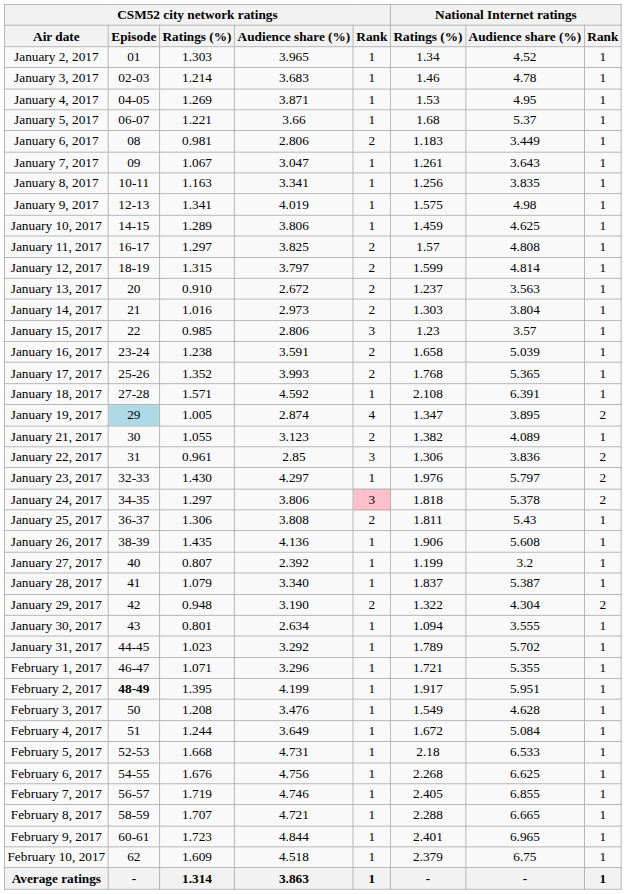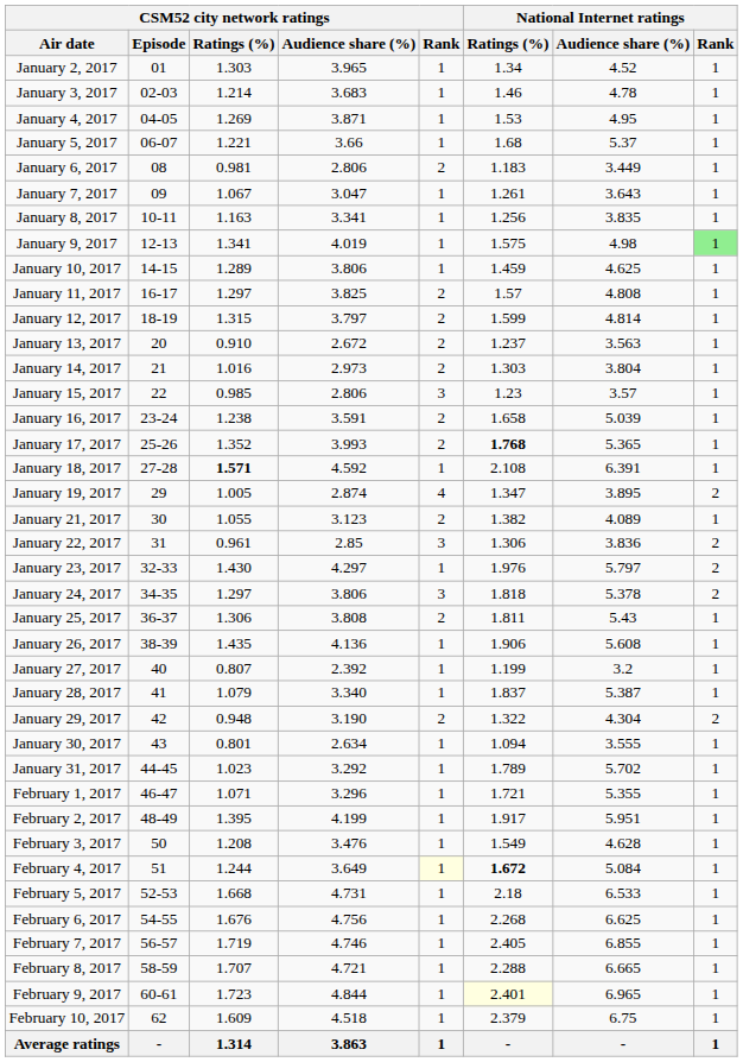 <table class="wikitable sortable mw-collapsible jquery-tablesorter" style="text-align:center">
 <tr>
 <th colspan="5">CSM52 city network ratings</th>
 <th colspan="3">National Internet ratings</th>
 </tr>
 <tr>
 <th>Air date</th>
 <th>Episode</th>
 <th>Ratings (%)</th>
 <th>Audience share (%)</th>
 <th>Rank</th>
 <th>Ratings (%)</th>
 <th>Audience share (%)</th>
 <th>Rank</th>
 </tr>
 <tr>
 <td>January 2, 2017</td>
 <td>01</td>
 <td>1.303</td>
 <td>3.965</td>
 <td>1</td>
 <td>1.34</td>
 <td>4.52</td>
 <td>1</td>
 </tr>
 <tr>
 <td>January 3, 2017</td>
 <td>02-03</td>
 <td>1.214</td>
 <td>3.683</td>
 <td>1</td>
 <td>1.46</td>
 <td>4.78</td>
 <td>1</td>
 </tr>
 <tr>
 <td>January 4, 2017</td>
 <td>04-05</td>
 <td>1.269</td>
 <td>3.871</td>
 <td>1</td>
 <td>1.53</td>
 <td>4.95</td>
 <td>1</td>
 </tr>
 <tr>
 <td>January 5, 2017</td>
 <td>06-07</td>
 <td>1.221</td>
 <td>3.66</td>
 <td>1</td>
 <td>1.68</td>
 <td>5.37</td>
 <td>1</td>
 </tr>
 <tr>
 <td>January 6, 2017</td>
 <td>08</td>
 <td>0.981</td>
 <td>2.806</td>
 <td>2</td>
 <td>1.183</td>
 <td>3.449</td>
 <td>1</td>
 </tr>
 <tr>
 <td>January 7, 2017</td>
 <td>09</td>
 <td>1.067</td>
 <td>3.047</td>
 <td>1</td>
 <td>1.261</td>
 <td>3.643</td>
 <td>1</td>
 </tr>
 <tr>
 <td>January 8, 2017</td>
 <td>10-11</td>
 <td>1.163</td>
 <td>3.341</td>
 <td>1</td>
 <td>1.256</td>
 <td>3.835</td>
 <td>1</td>
 </tr>
 <tr>
 <td>January 9, 2017</td>
 <td>12-13</td>
 <td>1.341</td>
 <td>4.019</td>
 <td>1</td>
 <td>1.575</td>
 <td>4.98</td>
-<td>1</td>
+<td style="background: lightgreen;">1</td>
 </tr>
 <tr>
 <td>January 10, 2017</td>
 <td>14-15</td>
 <td>1.289</td>
 <td>3.806</td>
 <td>1</td>
 <td>1.459</td>
 <td>4.625</td>
 <td>1</td>
 </tr>
 <tr>
 <td>January 11, 2017</td>
 <td>16-17</td>
 <td>1.297</td>
 <td>3.825</td>
 <td>2</td>
 <td>1.57</td>
 <td>4.808</td>
 <td>1</td>
 </tr>
 <tr>
 <td>January 12, 2017</td>
 <td>18-19</td>
 <td>1.315</td>
 <td>3.797</td>
 <td>2</td>
 <td>1.599</td>
 <td>4.814</td>
 <td>1</td>
 </tr>
 <tr>
 <td>January 13, 2017</td>
 <td>20</td>
 <td>0.910</td>
 <td>2.672</td>
 <td>2</td>
 <td>1.237</td>
 <td>3.563</td>
 <td>1</td>
 </tr>
 <tr>
 <td>January 14, 2017</td>
 <td>21</td>
 <td>1.016</td>
 <td>2.973</td>
 <td>2</td>
 <td>1.303</td>
 <td>3.804</td>
 <td>1</td>
 </tr>
 <tr>
 <td>January 15, 2017</td>
 <td>22</td>
 <td>0.985</td>
 <td>2.806</td>
 <td>3</td>
 <td>1.23</td>
 <td>3.57</td>
 <td>1</td>
 </tr>
 <tr>
 <td>January 16, 2017</td>
 <td>23-24</td>
 <td>1.238</td>
 <td>3.591</td>
 <td>2</td>
 <td>1.658</td>
 <td>5.039</td>
 <td>1</td>
 </tr>
 <tr>
 <td>January 17, 2017</td>
 <td>25-26</td>
 <td>1.352</td>
 <td>3.993</td>
 <td>2</td>
-<td>1.768</td>
+<td><strong>1.768</strong></td>
 <td>5.365</td>
 <td>1</td>
 </tr>
 <tr>
 <td>January 18, 2017</td>
 <td>27-28</td>
-<td>1.571</td>
+<td><strong>1.571</strong></td>
 <td>4.592</td>
 <td>1</td>
 <td>2.108</td>
 <td>6.391</td>
 <td>1</td>
 </tr>
 <tr>
 <td>January 19, 2017</td>
-<td style="background: lightblue;">29</td>
+<td>29</td>
 <td>1.005</td>
 <td>2.874</td>
 <td>4</td>
 <td>1.347</td>
 <td>3.895</td>
 <td>2</td>
 </tr>
 <tr>
 <td>January 21, 2017</td>
 <td>30</td>
 <td>1.055</td>
 <td>3.123</td>
 <td>2</td>
 <td>1.382</td>
 <td>4.089</td>
 <td>1</td>
 </tr>
 <tr>
 <td>January 22, 2017</td>
 <td>31</td>
 <td>0.961</td>
 <td>2.85</td>
 <td>3</td>
 <td>1.306</td>
 <td>3.836</td>
 <td>2</td>
 </tr>
 <tr>
 <td>January 23, 2017</td>
 <td>32-33</td>
 <td>1.430</td>
 <td>4.297</td>
 <td>1</td>
 <td>1.976</td>
 <td>5.797</td>
 <td>2</td>
 </tr>
 <tr>
 <td>January 24, 2017</td>
 <td>34-35</td>
 <td>1.297</td>
 <td>3.806</td>
-<td style="background: pink;">3</td>
+<td>3</td>
 <td>1.818</td>
 <td>5.378</td>
 <td>2</td>
 </tr>
 <tr>
 <td>January 25, 2017</td>
 <td>36-37</td>
 <td>1.306</td>
 <td>3.808</td>
 <td>2</td>
 <td>1.811</td>
 <td>5.43</td>
 <td>1</td>
 </tr>
 <tr>
 <td>January 26, 2017</td>
 <td>38-39</td>
 <td>1.435</td>
 <td>4.136</td>
 <td>1</td>
 <td>1.906</td>
 <td>5.608</td>
 <td>1</td>
 </tr>
 <tr>
 <td>January 27, 2017</td>
 <td>40</td>
 <td>0.807</td>
 <td>2.392</td>
 <td>1</td>
 <td>1.199</td>
 <td>3.2</td>
 <td>1</td>
 </tr>
 <tr>
 <td>January 28, 2017</td>
 <td>41</td>
 <td>1.079</td>
 <td>3.340</td>
 <td>1</td>
 <td>1.837</td>
 <td>5.387</td>
 <td>1</td>
 </tr>
 <tr>
 <td>January 29, 2017</td>
 <td>42</td>
 <td>0.948</td>
 <td>3.190</td>
 <td>2</td>
 <td>1.322</td>
 <td>4.304</td>
 <td>2</td>
 </tr>
 <tr>
 <td>January 30, 2017</td>
 <td>43</td>
 <td>0.801</td>
 <td>2.634</td>
 <td>1</td>
 <td>1.094</td>
 <td>3.555</td>
 <td>1</td>
 </tr>
 <tr>
 <td>January 31, 2017</td>
 <td>44-45</td>
 <td>1.023</td>
 <td>3.292</td>
 <td>1</td>
 <td>1.789</td>
 <td>5.702</td>
 <td>1</td>
 </tr>
 <tr>
 <td>February 1, 2017</td>
 <td>46-47</td>
 <td>1.071</td>
 <td>3.296</td>
 <td>1</td>
 <td>1.721</td>
 <td>5.355</td>
 <td>1</td>
 </tr>
 <tr>
 <td>February 2, 2017</td>
-<td><strong>48-49</strong></td>
+<td>48-49</td>
 <td>1.395</td>
 <td>4.199</td>
 <td>1</td>
 <td>1.917</td>
 <td>5.951</td>
 <td>1</td>
 </tr>
 <tr>
 <td>February 3, 2017</td>
 <td>50</td>
 <td>1.208</td>
 <td>3.476</td>
 <td>1</td>
 <td>1.549</td>
 <td>4.628</td>
 <td>1</td>
 </tr>
 <tr>
 <td>February 4, 2017</td>
 <td>51</td>
 <td>1.244</td>
 <td>3.649</td>
-<td>1</td>
-<td>1.672</td>
+<td style="background: lightyellow;">1</td>
+<td><strong>1.672</strong></td>
 <td>5.084</td>
 <td>1</td>
 </tr>
 <tr>
 <td>February 5, 2017</td>
 <td>52-53</td>
 <td>1.668</td>
 <td>4.731</td>
 <td>1</td>
 <td>2.18</td>
 <td>6.533</td>
 <td>1</td>
 </tr>
 <tr>
 <td>February 6, 2017</td>
 <td>54-55</td>
 <td>1.676</td>
 <td>4.756</td>
 <td>1</td>
 <td>2.268</td>
 <td>6.625</td>
 <td>1</td>
 </tr>
 <tr>
 <td>February 7, 2017</td>
 <td>56-57</td>
 <td>1.719</td>
 <td>4.746</td>
 <td>1</td>
 <td>2.405</td>
 <td>6.855</td>
 <td>1</td>
 </tr>
 <tr>
 <td>February 8, 2017</td>
 <td>58-59</td>
 <td>1.707</td>
 <td>4.721</td>
 <td>1</td>
 <td>2.288</td>
 <td>6.665</td>
 <td>1</td>
 </tr>
 <tr>
 <td>February 9, 2017</td>
 <td>60-61</td>
 <td>1.723</td>
 <td>4.844</td>
 <td>1</td>
-<td>2.401</td>
+<td style="background: lightyellow;">2.401</td>
 <td>6.965</td>
 <td>1</td>
 </tr>
 <tr>
 <td>February 10, 2017</td>
 <td>62</td>
 <td>1.609</td>
 <td>4.518</td>
 <td>1</td>
 <td>2.379</td>
 <td>6.75</td>
 <td>1</td>
 </tr>
 <tr>
 <th>Average ratings</th>
 <th>-</th>
 <th>1.314</th>
 <th>3.863</th>
 <th>1</th>
 <th>-</th>
 <th>-</th>
 <th>1</th>
 </tr>
 </table>
